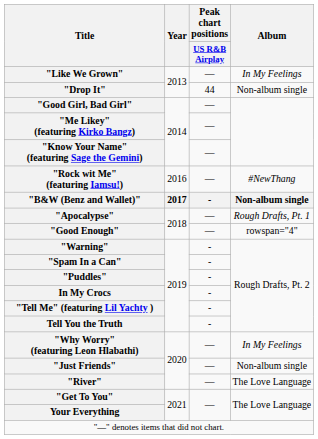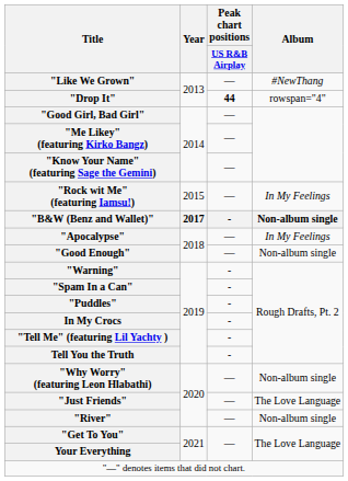 <table class="wikitable plainrowheaders" style="text-align:center;">
 <tr>
 <th scope="col" rowspan="2" style="width:16em;">Title</th>
 <th scope="col" rowspan="2">Year</th>
 <th scope="col">Peak chart positions</th>
 <th scope="col" rowspan="2">Album</th>
 </tr>
 <tr>
 <th scope="col" style="width:3em;font-size:90%;"><a href='#'>US R&B<br> Airplay</a><br></th>
 </tr>
 <tr>
 <th scope="row">"Like We Grown"</th>
 <td rowspan="2">2013</td>
 <td>—</td>
-<td><em>In My Feelings</em></td>
+<td><em>#NewThang</em></td>
 </tr>
 <tr>
 <th scope="row">"Drop It"</th>
-<td>44</td>
-<td>Non-album single</td>
+<td><strong>44</strong></td>
+<td>rowspan="4" </td>
 </tr>
 <tr>
 <th scope="row">"Good Girl, Bad Girl"</th>
 <td rowspan="3">2014</td>
 <td>—</td>
 </tr>
 <tr>
 <th scope="row">"Me Likey" <br><span>(featuring <a href='#'>Kirko Bangz</a>)</span></th>
 <td>—</td>
 </tr>
 <tr>
 <th scope="row">"Know Your Name" <br><span>(featuring <a href='#'>Sage the Gemini</a>)</span></th>
 <td>—</td>
 </tr>
 <tr>
 <th scope="row">"Rock wit Me" <br><span>(featuring <a href='#'>Iamsu!</a>)</span></th>
-<td>2016</td>
+<td>2015</td>
 <td>—</td>
-<td><em>#NewThang</em></td>
+<td><em>In My Feelings</em></td>
 </tr>
 <tr>
 <th>"B&W (Benz and Wallet)<strong>"</strong></th>
 <th>2<strong>0</strong>17</th>
 <th>-</th>
 <th>Non-album single</th>
 </tr>
 <tr>
 <th scope="row">"Apocalypse"</th>
 <td rowspan="2">2018</td>
 <td>—</td>
-<td><em>Rough Drafts, Pt. 1</em></td>
+<td><em>In My Feelings</em></td>
 </tr>
 <tr>
 <th scope="row">"Good Enough"</th>
 <td>—</td>
-<td>rowspan="4" </td>
+<td>Non-album single</td>
 </tr>
 <tr>
 <th>"Warning"</th>
 <td rowspan="6">2019</td>
 <td>-</td>
 <td rowspan="6">Rough Drafts, Pt. 2</td>
 </tr>
 <tr>
 <th>"Spam In a Can"</th>
 <td>-</td>
 </tr>
 <tr>
 <th>"Puddles"</th>
 <td>-</td>
 </tr>
 <tr>
 <th>In My Crocs</th>
 <td>-</td>
 </tr>
 <tr>
 <th>"Tell Me" (featuring <a href='#'>Lil Yachty</a> )</th>
 <td>-</td>
 </tr>
 <tr>
 <th>Tell You the Truth</th>
 <td>-</td>
 </tr>
 <tr>
 <th scope="row">"Why Worry" <br><span>(featuring Leon Hlabathi)</span></th>
 <td rowspan="3">2020</td>
 <td>—</td>
-<td><em>In My Feelings</em></td>
+<td>Non-album single</td>
 </tr>
 <tr>
 <th scope="row">"Just Friends"</th>
 <td>—</td>
-<td>Non-album single</td>
+<td>The Love Language</td>
 </tr>
 <tr>
 <th scope="row">"River"</th>
 <td>—</td>
-<td>The Love Language</td>
+<td>Non-album single</td>
 </tr>
 <tr>
 <th scope="row">"Get To You"</th>
 <td rowspan="2">2021</td>
 <td rowspan="2">—</td>
 <td rowspan="2">The Love Language</td>
 </tr>
 <tr>
 <th>Your Everything</th>
 </tr>
 <tr>
 <td colspan="4" style="font-size:90%">"—" denotes items that did not chart.</td>
 </tr>
 </table>
